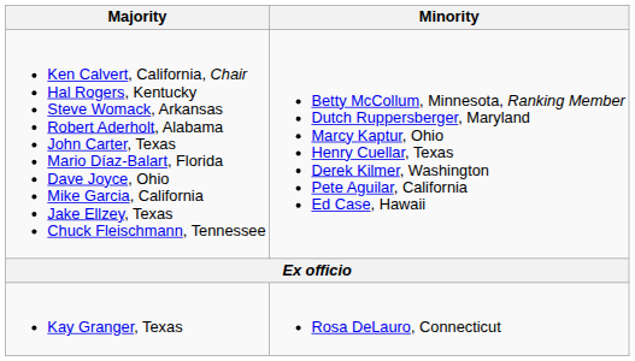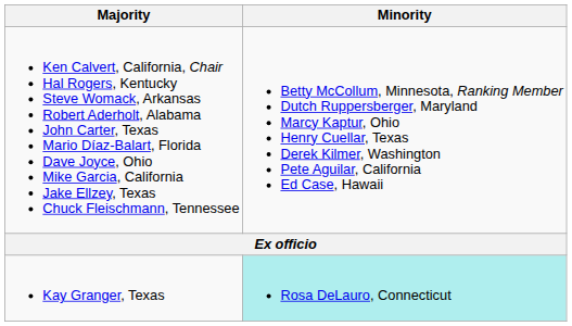 <table class=wikitable>
 <tr>
 <th>Majority</th>
 <th>Minority</th>
 </tr>
 <tr>
 <td><br><ul><li><a href='#'>Ken Calvert</a>, California, <em>Chair</em></li><li><a href='#'>Hal Rogers</a>, Kentucky</li><li><a href='#'>Steve Womack</a>, Arkansas</li><li><a href='#'>Robert Aderholt</a>, Alabama</li><li><a href='#'>John Carter</a>, Texas</li><li><a href='#'>Mario Díaz-Balart</a>, Florida</li><li><a href='#'>Dave Joyce</a>, Ohio</li><li><a href='#'>Mike Garcia</a>, California</li><li><a href='#'>Jake Ellzey</a>, Texas</li><li><a href='#'>Chuck Fleischmann</a>, Tennessee</li></ul></td>
 <td><br><ul><li><a href='#'>Betty McCollum</a>, Minnesota, <em>Ranking Member</em></li><li><a href='#'>Dutch Ruppersberger</a>, Maryland</li><li><a href='#'>Marcy Kaptur</a>, Ohio</li><li><a href='#'>Henry Cuellar</a>, Texas</li><li><a href='#'>Derek Kilmer</a>, Washington</li><li><a href='#'>Pete Aguilar</a>, California</li><li><a href='#'>Ed Case</a>, Hawaii</li></ul></td>
 </tr>
 <tr>
 <th colspan=2><em>Ex officio</em></th>
 </tr>
 <tr>
 <td><br><ul><li><a href='#'>Kay Granger</a>, Texas</li></ul></td>
-<td><br><ul><li><a href='#'>Rosa DeLauro</a>, Connecticut</li></ul></td>
+<td style="background: paleturquoise;"><br><ul><li><a href='#'>Rosa DeLauro</a>, Connecticut</li></ul></td>
 </tr>
 </table>
